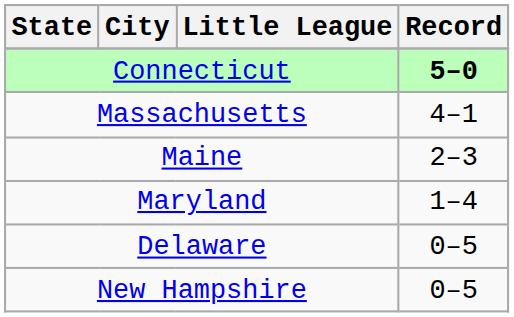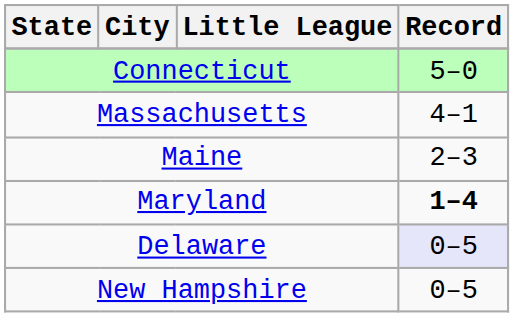 <table class="wikitable">
 <tr>
 <th>State</th>
 <th>City</th>
 <th>Little League</th>
 <th>Record</th>
 </tr>
 <tr>
 </tr>
 <tr bgcolor=#bbffbb>
 <td colspan="3" align=center> <a href='#'>Connecticut</a></td>
-<td align=center><strong>5–0</strong></td>
+<td align=center>5–0</td>
 </tr>
 <tr>
 <td colspan="3" align=center> <a href='#'>Massachusetts</a></td>
 <td align=center>4–1</td>
 </tr>
 <tr>
 <td colspan="3" align=center> <a href='#'>Maine</a></td>
 <td align=center>2–3</td>
 </tr>
 <tr>
 <td colspan="3" align=center> <a href='#'>Maryland</a></td>
-<td align=center>1–4</td>
+<td align=center><strong>1–4</strong></td>
 </tr>
 <tr>
 <td colspan="3" align=center> <a href='#'>Delaware</a></td>
-<td align=center>0–5</td>
+<td align=center style="background: lavender;">0–5</td>
 </tr>
 <tr>
 <td colspan="3" align=center> <a href='#'>New Hampshire</a></td>
 <td align=center>0–5</td>
 </tr>
 </table>
